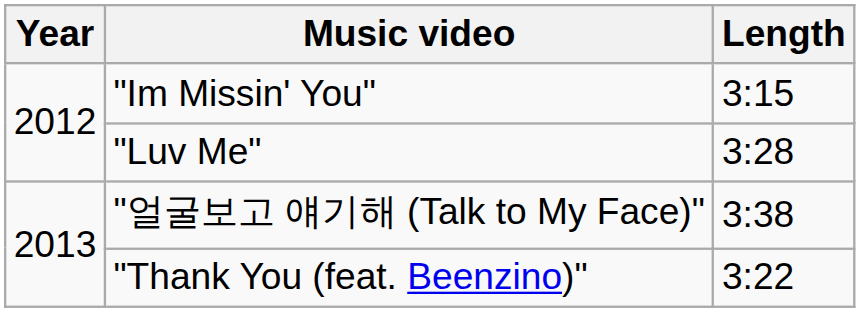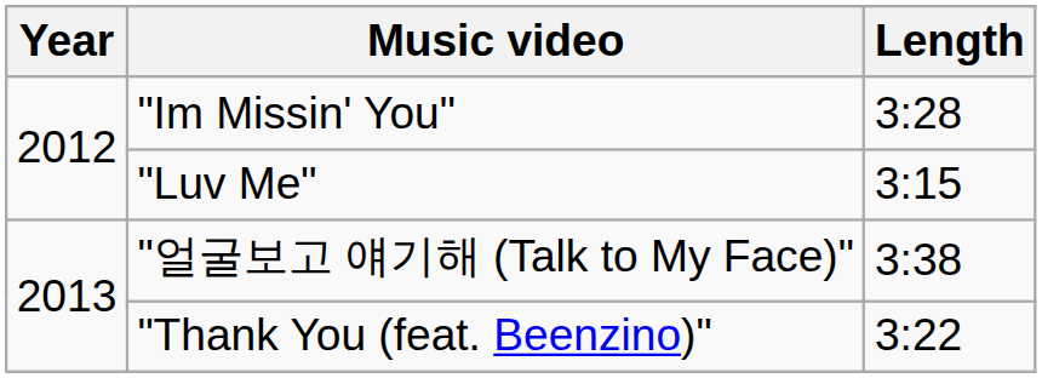 <table class="wikitable">
 <tr>
 <th>Year</th>
 <th>Music video</th>
 <th>Length</th>
 </tr>
 <tr>
 <td rowspan="2">2012</td>
 <td>"Im Missin' You"</td>
-<td>3:15</td>
+<td>3:28</td>
 </tr>
 <tr>
 <td>"Luv Me"</td>
-<td>3:28</td>
+<td>3:15</td>
 </tr>
 <tr>
 <td rowspan="2">2013</td>
 <td>"얼굴보고 얘기해 (Talk to My Face)"</td>
 <td>3:38</td>
 </tr>
 <tr>
 <td>"Thank You (feat. <a href='#'>Beenzino</a>)"</td>
 <td>3:22</td>
 </tr>
 </table>
